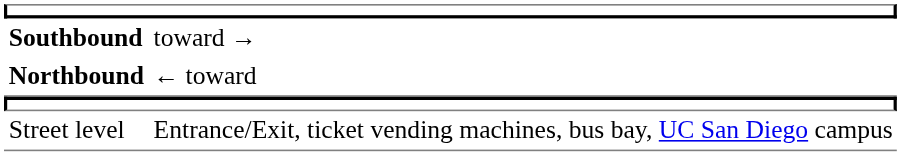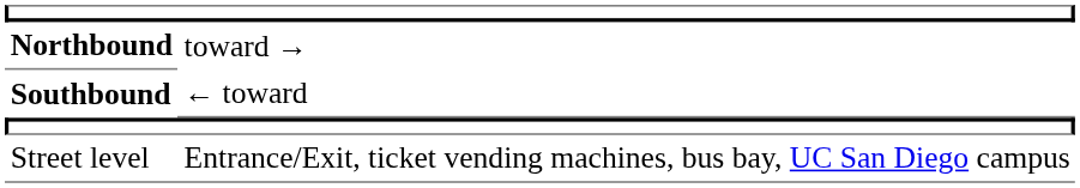 <table table border=0 cellspacing=0 cellpadding=3>
 <tr>
 <td style="border-bottom:solid 2px black;border-right:solid 2px black;border-left:solid 2px black;border-top:solid 1px gray;text-align:center;" colspan=2></td>
 </tr>
 <tr>
-<td><strong>Southbound</strong></td>
+<td style="border-bottom:solid 1px gray;"><strong>Northbound</strong></td>
 <td> <strong></strong> toward   →</td>
 </tr>
 <tr>
-<td style="border-bottom:solid 1px gray;"><strong>Northbound</strong></td>
+<td><strong>Southbound</strong></td>
 <td style="border-bottom:solid 1px gray;">← <strong></strong> toward  </td>
 </tr>
 <tr>
 <td style="border-top:solid 2px black;border-right:solid 2px black;border-left:solid 2px black;border-bottom:solid 1px gray;text-align:center;" colspan=2></td>
 </tr>
 <tr>
 <td style="border-bottom:solid 1px gray" valign=top>Street level</td>
 <td style="border-bottom:solid 1px gray" valign=top>Entrance/Exit, ticket vending machines, bus bay, <a href='#'>UC San Diego</a> campus</td>
 </tr>
 </table>
